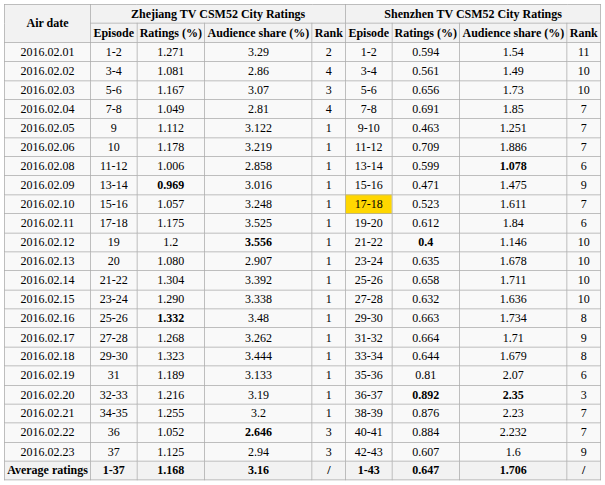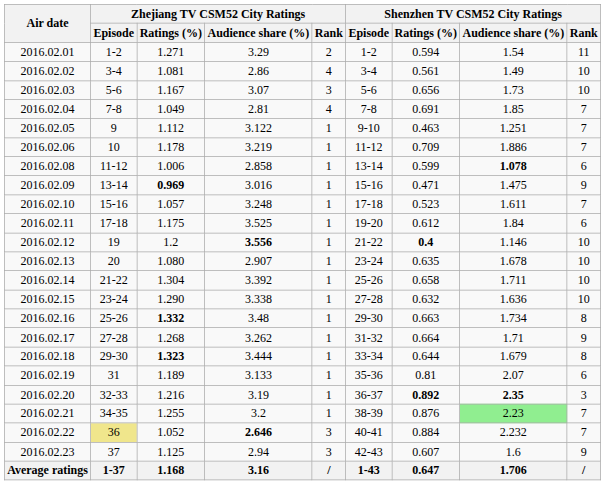 <table class="wikitable sortable mw-collapsible jquery-tablesorter" style="text-align:center">
 <tr>
 <th rowspan="2">Air date</th>
 <th colspan="4">Zhejiang TV CSM52 City Ratings</th>
 <th colspan="4">Shenzhen TV CSM52 City Ratings</th>
 </tr>
 <tr>
 <th><strong>Episode</strong></th>
 <th><strong>Ratings (%)</strong></th>
 <th><strong>Audience share (%)</strong></th>
 <th><strong>Rank</strong></th>
 <th><strong>Episode</strong></th>
 <th><strong>Ratings (%)</strong></th>
 <th><strong>Audience share (%)</strong></th>
 <th><strong>Rank</strong></th>
 </tr>
 <tr>
 <td>2016.02.01</td>
 <td>1-2</td>
 <td>1.271</td>
 <td>3.29</td>
 <td>2</td>
 <td>1-2</td>
 <td>0.594</td>
 <td>1.54</td>
 <td>11</td>
 </tr>
 <tr>
 <td>2016.02.02</td>
 <td>3-4</td>
 <td>1.081</td>
 <td>2.86</td>
 <td>4</td>
 <td>3-4</td>
 <td>0.561</td>
 <td>1.49</td>
 <td>10</td>
 </tr>
 <tr>
 <td>2016.02.03</td>
 <td>5-6</td>
 <td>1.167</td>
 <td>3.07</td>
 <td>3</td>
 <td>5-6</td>
 <td>0.656</td>
 <td>1.73</td>
 <td>10</td>
 </tr>
 <tr>
 <td>2016.02.04</td>
 <td>7-8</td>
 <td>1.049</td>
 <td>2.81</td>
 <td>4</td>
 <td>7-8</td>
 <td>0.691</td>
 <td>1.85</td>
 <td>7</td>
 </tr>
 <tr>
 <td>2016.02.05</td>
 <td>9</td>
 <td>1.112</td>
 <td>3.122</td>
 <td>1</td>
 <td>9-10</td>
 <td>0.463</td>
 <td>1.251</td>
 <td>7</td>
 </tr>
 <tr>
 <td>2016.02.06</td>
 <td>10</td>
 <td>1.178</td>
 <td>3.219</td>
 <td>1</td>
 <td>11-12</td>
 <td>0.709</td>
 <td>1.886</td>
 <td>7</td>
 </tr>
 <tr>
 <td>2016.02.08</td>
 <td>11-12</td>
 <td>1.006</td>
 <td>2.858</td>
 <td>1</td>
 <td>13-14</td>
 <td>0.599</td>
 <td><strong><span>1.078</span></strong></td>
 <td>6</td>
 </tr>
 <tr>
 <td>2016.02.09</td>
 <td>13-14</td>
 <td><strong><span>0.969</span></strong></td>
 <td>3.016</td>
 <td>1</td>
 <td>15-16</td>
 <td>0.471</td>
 <td>1.475</td>
 <td>9</td>
 </tr>
 <tr>
 <td>2016.02.10</td>
 <td>15-16</td>
 <td>1.057</td>
 <td>3.248</td>
 <td>1</td>
-<td style="background: gold;">17-18</td>
+<td>17-18</td>
 <td>0.523</td>
 <td>1.611</td>
 <td>7</td>
 </tr>
 <tr>
 <td>2016.02.11</td>
 <td>17-18</td>
 <td>1.175</td>
 <td>3.525</td>
 <td>1</td>
 <td>19-20</td>
 <td>0.612</td>
 <td>1.84</td>
 <td>6</td>
 </tr>
 <tr>
 <td>2016.02.12</td>
 <td>19</td>
 <td>1.2</td>
 <td><strong><span>3.556</span></strong></td>
 <td>1</td>
 <td>21-22</td>
 <td><strong><span>0.4</span></strong></td>
 <td>1.146</td>
 <td>10</td>
 </tr>
 <tr>
 <td>2016.02.13</td>
 <td>20</td>
 <td>1.080</td>
 <td>2.907</td>
 <td>1</td>
 <td>23-24</td>
 <td>0.635</td>
 <td>1.678</td>
 <td>10</td>
 </tr>
 <tr>
 <td>2016.02.14</td>
 <td>21-22</td>
 <td>1.304</td>
 <td>3.392</td>
 <td>1</td>
 <td>25-26</td>
 <td>0.658</td>
 <td>1.711</td>
 <td>10</td>
 </tr>
 <tr>
 <td>2016.02.15</td>
 <td>23-24</td>
 <td>1.290</td>
 <td>3.338</td>
 <td>1</td>
 <td>27-28</td>
 <td>0.632</td>
 <td>1.636</td>
 <td>10</td>
 </tr>
 <tr>
 <td>2016.02.16</td>
 <td>25-26</td>
 <td><strong><span>1.332</span></strong></td>
 <td>3.48</td>
 <td>1</td>
 <td>29-30</td>
 <td>0.663</td>
 <td>1.734</td>
 <td>8</td>
 </tr>
 <tr>
 <td>2016.02.17</td>
 <td>27-28</td>
 <td>1.268</td>
 <td>3.262</td>
 <td>1</td>
 <td>31-32</td>
 <td>0.664</td>
 <td>1.71</td>
 <td>9</td>
 </tr>
 <tr>
 <td>2016.02.18</td>
 <td>29-30</td>
-<td>1.323</td>
+<td><strong>1.323</strong></td>
 <td>3.444</td>
 <td>1</td>
 <td>33-34</td>
 <td>0.644</td>
 <td>1.679</td>
 <td>8</td>
 </tr>
 <tr>
 <td>2016.02.19</td>
 <td>31</td>
 <td>1.189</td>
 <td>3.133</td>
 <td>1</td>
 <td>35-36</td>
 <td>0.81</td>
 <td>2.07</td>
 <td>6</td>
 </tr>
 <tr>
 <td>2016.02.20</td>
 <td>32-33</td>
 <td>1.216</td>
 <td>3.19</td>
 <td>1</td>
 <td>36-37</td>
 <td><strong><span>0.892</span></strong></td>
 <td><strong><span>2.35</span></strong></td>
 <td>3</td>
 </tr>
 <tr>
 <td>2016.02.21</td>
 <td>34-35</td>
 <td>1.255</td>
 <td>3.2</td>
 <td>1</td>
 <td>38-39</td>
 <td>0.876</td>
-<td>2.23</td>
+<td style="background: lightgreen;">2.23</td>
 <td>7</td>
 </tr>
 <tr>
 <td>2016.02.22</td>
-<td>36</td>
+<td style="background: khaki;">36</td>
 <td>1.052</td>
 <td><strong><span>2.646</span></strong></td>
 <td>3</td>
 <td>40-41</td>
 <td>0.884</td>
 <td>2.232</td>
 <td>7</td>
 </tr>
 <tr>
 <td>2016.02.23</td>
 <td>37</td>
 <td>1.125</td>
 <td>2.94</td>
 <td>3</td>
 <td>42-43</td>
 <td>0.607</td>
 <td>1.6</td>
 <td>9</td>
 </tr>
 <tr>
 <th><strong>Average ratings</strong></th>
 <th><strong>1-37</strong></th>
 <th><strong>1.168</strong></th>
 <th><strong>3.16</strong></th>
 <th><strong>/</strong></th>
 <th><strong>1-43</strong></th>
 <th><strong>0.647</strong></th>
 <th><strong>1.706</strong></th>
 <th><strong>/</strong></th>
 </tr>
 </table>
